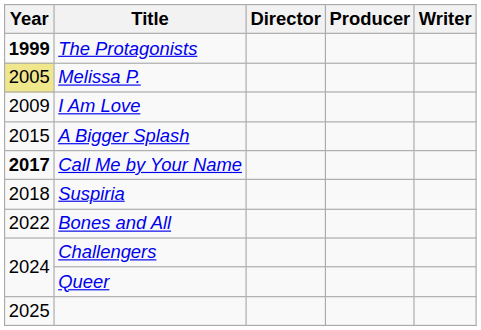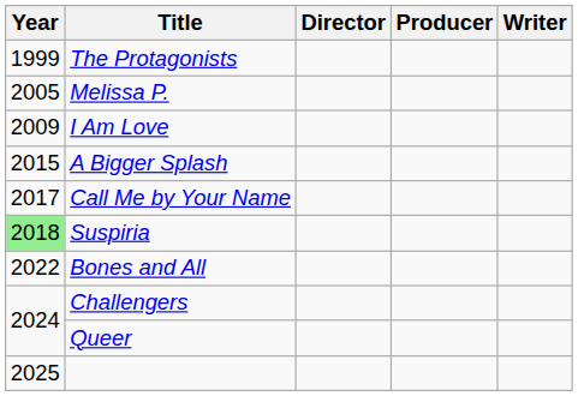 <table class="wikitable">
 <tr>
 <th>Year</th>
 <th>Title</th>
 <th>Director</th>
 <th>Producer</th>
 <th>Writer</th>
 </tr>
 <tr>
-<td><strong>1999</strong></td>
+<td>1999</td>
 <td><em><a href='#'>The Protagonists</a></em></td>
 <td></td>
 <td></td>
 <td></td>
 </tr>
 <tr>
-<td style="background: khaki;">2005</td>
+<td>2005</td>
 <td><em><a href='#'>Melissa P.</a></em></td>
 <td></td>
 <td></td>
 <td></td>
 </tr>
 <tr>
 <td>2009</td>
 <td><em><a href='#'>I Am Love</a></em></td>
 <td></td>
 <td></td>
 <td></td>
 </tr>
 <tr>
 <td>2015</td>
 <td><em><a href='#'>A Bigger Splash</a></em></td>
 <td></td>
 <td></td>
 <td></td>
 </tr>
 <tr>
-<td><strong>2017</strong></td>
+<td>2017</td>
 <td><em><a href='#'>Call Me by Your Name</a></em></td>
 <td></td>
 <td></td>
 <td></td>
 </tr>
 <tr>
-<td>2018</td>
+<td style="background: lightgreen;">2018</td>
 <td><em><a href='#'>Suspiria</a></em></td>
 <td></td>
 <td></td>
 <td></td>
 </tr>
 <tr>
 <td>2022</td>
 <td><em><a href='#'>Bones and All</a></em></td>
 <td></td>
 <td></td>
 <td></td>
 </tr>
 <tr>
 <td rowspan=2>2024</td>
 <td><em><a href='#'>Challengers</a></em></td>
 <td></td>
 <td></td>
 <td></td>
 </tr>
 <tr>
 <td><em><a href='#'>Queer</a></em></td>
 <td></td>
 <td></td>
 <td></td>
 </tr>
 <tr>
 <td>2025</td>
 <td></td>
 <td></td>
 <td></td>
 <td></td>
 </tr>
 </table>
